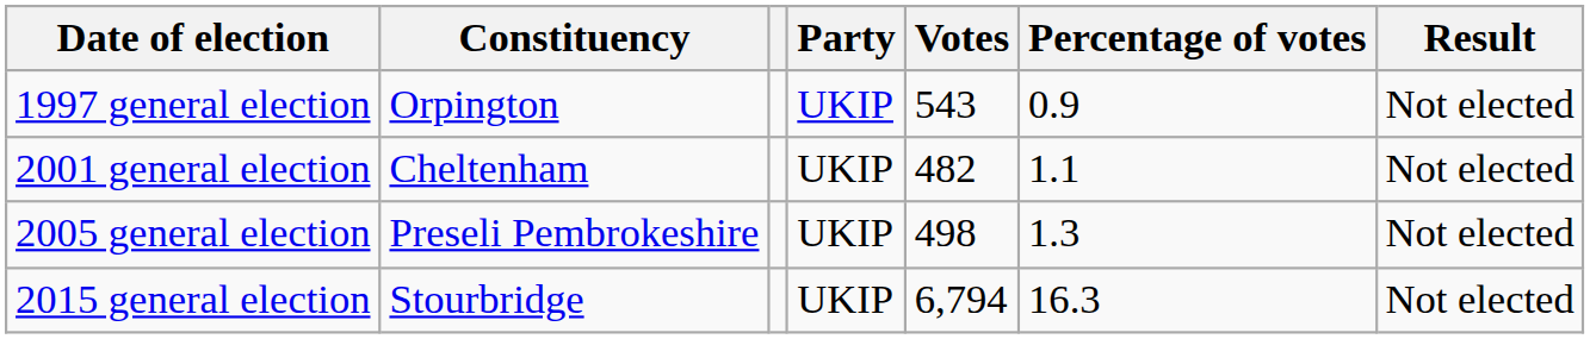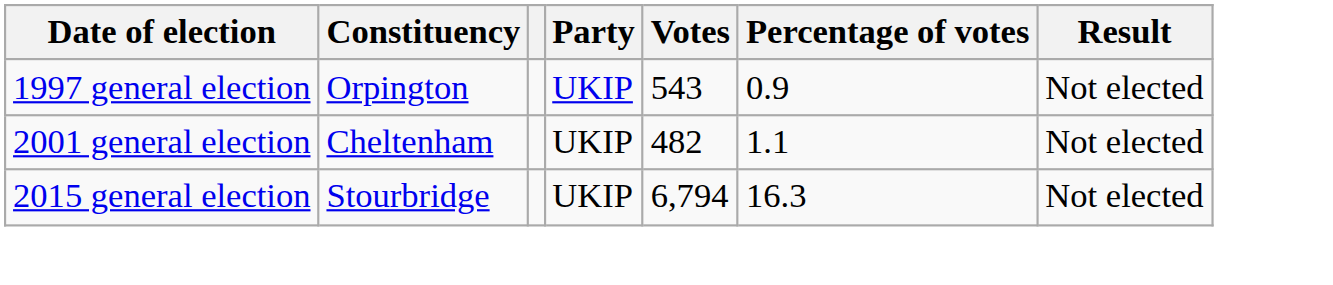 <table class="wikitable">
 <tr>
 <th>Date of election</th>
 <th>Constituency</th>
 <th></th>
 <th>Party</th>
 <th>Votes</th>
 <th>Percentage of votes</th>
 <th>Result</th>
 </tr>
 <tr>
 <td><a href='#'>1997 general election</a></td>
 <td><a href='#'>Orpington</a></td>
 <td style="background-color: "></td>
 <td><a href='#'>UKIP</a></td>
 <td>543</td>
 <td>0.9</td>
 <td>Not elected</td>
 </tr>
 <tr>
 <td><a href='#'>2001 general election</a></td>
 <td><a href='#'>Cheltenham</a></td>
 <td style="background-color: "></td>
 <td>UKIP</td>
 <td>482</td>
 <td>1.1</td>
 <td>Not elected</td>
 </tr>
 <tr>
-<td><a href='#'>2005 general election</a></td>
-<td><a href='#'>Preseli Pembrokeshire</a></td>
-<td style="background-color: "></td>
-<td>UKIP</td>
-<td>498</td>
-<td>1.3</td>
-<td>Not elected</td>
-</tr>
-<tr>
 <td><a href='#'>2015 general election</a></td>
 <td><a href='#'>Stourbridge</a></td>
 <td style="background-color: "></td>
 <td>UKIP</td>
 <td>6,794</td>
 <td>16.3</td>
 <td>Not elected</td>
 </tr>
 </table>
